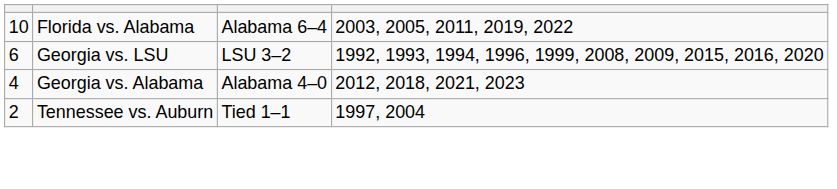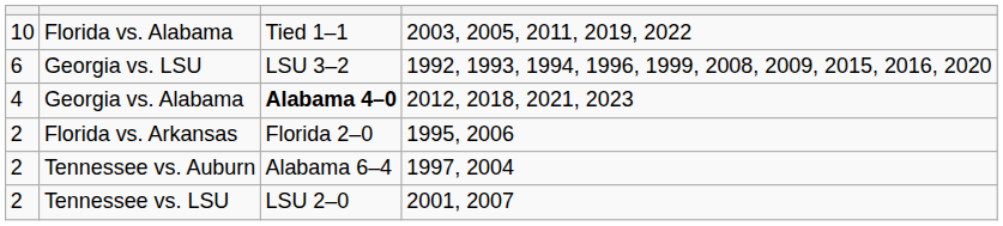 <table class="wikitable sortable">
 <tr>
 <th></th>
 <th></th>
 <th></th>
 <th></th>
 </tr>
 <tr>
 <td>10</td>
 <td>Florida vs. Alabama</td>
-<td>Alabama 6–4</td>
+<td>Tied 1–1</td>
 <td>2003, 2005, 2011, 2019, 2022</td>
 </tr>
 <tr>
 <td>6</td>
 <td>Georgia vs. LSU</td>
 <td>LSU 3–2</td>
 <td>1992, 1993, 1994, 1996, 1999, 2008, 2009, 2015, 2016, 2020</td>
 </tr>
 <tr>
 <td>4</td>
 <td>Georgia vs. Alabama</td>
-<td>Alabama 4–0</td>
+<td><strong>Alabama 4–0</strong></td>
 <td>2012, 2018, 2021, 2023</td>
 </tr>
 <tr>
 <td>2</td>
+<td>Florida vs. Arkansas</td>
+<td>Florida 2–0</td>
+<td>1995, 2006</td>
+</tr>
+<tr>
+<td>2</td>
 <td>Tennessee vs. Auburn</td>
-<td>Tied 1–1</td>
+<td>Alabama 6–4</td>
 <td>1997, 2004</td>
 </tr>
+<tr>
+<td>2</td>
+<td>Tennessee vs. LSU</td>
+<td>LSU 2–0</td>
+<td>2001, 2007</td>
+</tr>
 </table>
